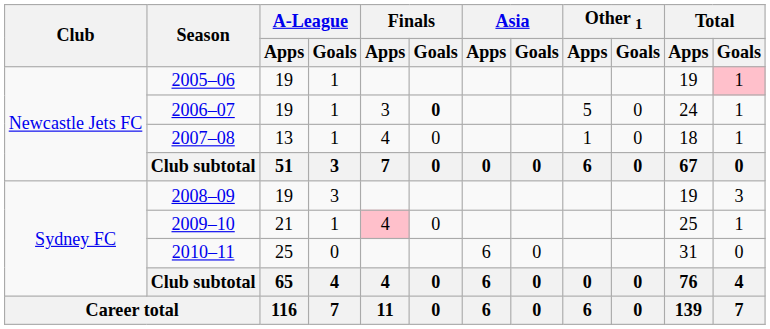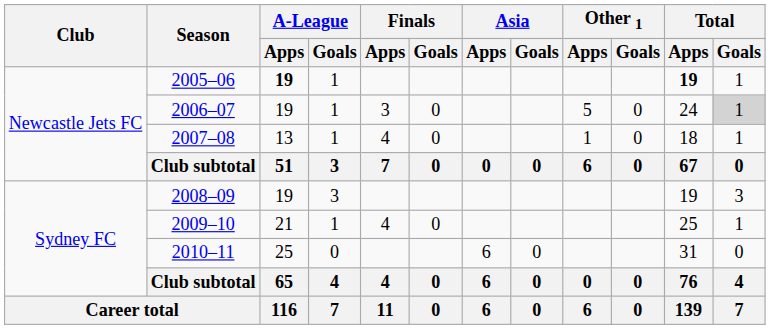 <table class="wikitable" style="text-align: center;">
 <tr>
 <th rowspan="2">Club</th>
 <th rowspan="2">Season</th>
 <th colspan="2"><a href='#'>A-League</a></th>
 <th colspan="2">Finals</th>
 <th colspan="2"><a href='#'>Asia</a></th>
 <th colspan="2">Other <sub>1</sub></th>
 <th colspan="2">Total</th>
 </tr>
 <tr>
 <th>Apps</th>
 <th>Goals</th>
 <th>Apps</th>
 <th>Goals</th>
 <th>Apps</th>
 <th>Goals</th>
 <th>Apps</th>
 <th>Goals</th>
 <th>Apps</th>
 <th>Goals</th>
 </tr>
 <tr>
 <td rowspan="4" valign="center"><a href='#'>Newcastle Jets FC</a></td>
 <td><a href='#'>2005–06</a></td>
-<td>19</td>
+<td><strong>19</strong></td>
 <td>1</td>
 <td></td>
 <td></td>
 <td></td>
 <td></td>
 <td></td>
 <td></td>
-<td>19</td>
-<td style="background: pink;">1</td>
+<td><strong>19</strong></td>
+<td>1</td>
 </tr>
 <tr>
 <td><a href='#'>2006–07</a></td>
 <td>19</td>
 <td>1</td>
 <td>3</td>
-<td><strong>0</strong></td>
+<td>0</td>
 <td></td>
 <td></td>
 <td>5</td>
 <td>0</td>
 <td>24</td>
-<td>1</td>
+<td style="background: lightgrey;">1</td>
 </tr>
 <tr>
 <td><a href='#'>2007–08</a></td>
 <td>13</td>
 <td>1</td>
 <td>4</td>
 <td>0</td>
 <td></td>
 <td></td>
 <td>1</td>
 <td>0</td>
 <td>18</td>
 <td>1</td>
 </tr>
 <tr>
 <th>Club subtotal</th>
 <th>51</th>
 <th>3</th>
 <th>7</th>
 <th>0</th>
 <th>0</th>
 <th>0</th>
 <th>6</th>
 <th>0</th>
 <th>67</th>
 <th>0</th>
 </tr>
 <tr>
 <td rowspan="4" valign="center"><a href='#'>Sydney FC</a></td>
 <td><a href='#'>2008–09</a></td>
 <td>19</td>
 <td>3</td>
 <td></td>
 <td></td>
 <td></td>
 <td></td>
 <td></td>
 <td></td>
 <td>19</td>
 <td>3</td>
 </tr>
 <tr>
 <td><a href='#'>2009–10</a></td>
 <td>21</td>
 <td>1</td>
-<td style="background: pink;">4</td>
+<td>4</td>
 <td>0</td>
 <td></td>
 <td></td>
 <td></td>
 <td></td>
 <td>25</td>
 <td>1</td>
 </tr>
 <tr>
 <td><a href='#'>2010–11</a></td>
 <td>25</td>
 <td>0</td>
 <td></td>
 <td></td>
 <td>6</td>
 <td>0</td>
 <td></td>
 <td></td>
 <td>31</td>
 <td>0</td>
 </tr>
 <tr>
 <th>Club subtotal</th>
 <th>65</th>
 <th>4</th>
 <th>4</th>
 <th>0</th>
 <th>6</th>
 <th>0</th>
 <th>0</th>
 <th>0</th>
 <th>76</th>
 <th>4</th>
 </tr>
 <tr>
 <th colspan="2">Career total</th>
 <th>116</th>
 <th>7</th>
 <th>11</th>
 <th>0</th>
 <th>6</th>
 <th>0</th>
 <th>6</th>
 <th>0</th>
 <th>139</th>
 <th>7</th>
 </tr>
 </table>
